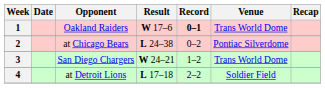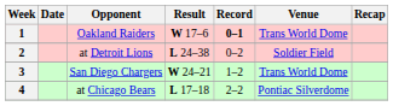 <table class="wikitable" style="font-size: 95%;">
 <tr>
 <th>Week</th>
 <th>Date</th>
 <th>Opponent</th>
 <th>Result</th>
 <th>Record</th>
 <th>Venue</th>
 <th>Recap</th>
 </tr>
 <tr style="background: #fcc;" align="center">
 <th>1</th>
 <td></td>
 <td><a href='#'>Oakland Raiders</a></td>
 <td><strong>W</strong> 17–6</td>
 <td><strong>0–1</strong></td>
 <td><a href='#'>Trans World Dome</a></td>
 <td></td>
 </tr>
 <tr>
 </tr>
 <tr style="background: #fcc;" align="center">
 <th>2</th>
 <td></td>
-<td>at <a href='#'>Chicago Bears</a></td>
+<td>at <a href='#'>Detroit Lions</a></td>
 <td><strong>L</strong> 24–38</td>
 <td>0–2</td>
-<td><a href='#'>Pontiac Silverdome</a></td>
+<td><a href='#'>Soldier Field</a></td>
 <td></td>
 </tr>
 <tr>
 </tr>
 <tr style="background: #cfc;" align="center">
 <th>3</th>
 <td></td>
 <td><a href='#'>San Diego Chargers</a></td>
 <td><strong>W</strong> 24–21</td>
 <td>1–2</td>
 <td><a href='#'>Trans World Dome</a></td>
 <td></td>
 </tr>
 <tr>
 </tr>
 <tr style="background: #cfc;" align="center">
 <th>4</th>
 <td></td>
-<td>at <a href='#'>Detroit Lions</a></td>
+<td>at <a href='#'>Chicago Bears</a></td>
 <td><strong>L</strong> 17–18</td>
 <td>2–2</td>
-<td><a href='#'>Soldier Field</a></td>
+<td><a href='#'>Pontiac Silverdome</a></td>
 <td></td>
 </tr>
 <tr>
 </tr>
 </table>
